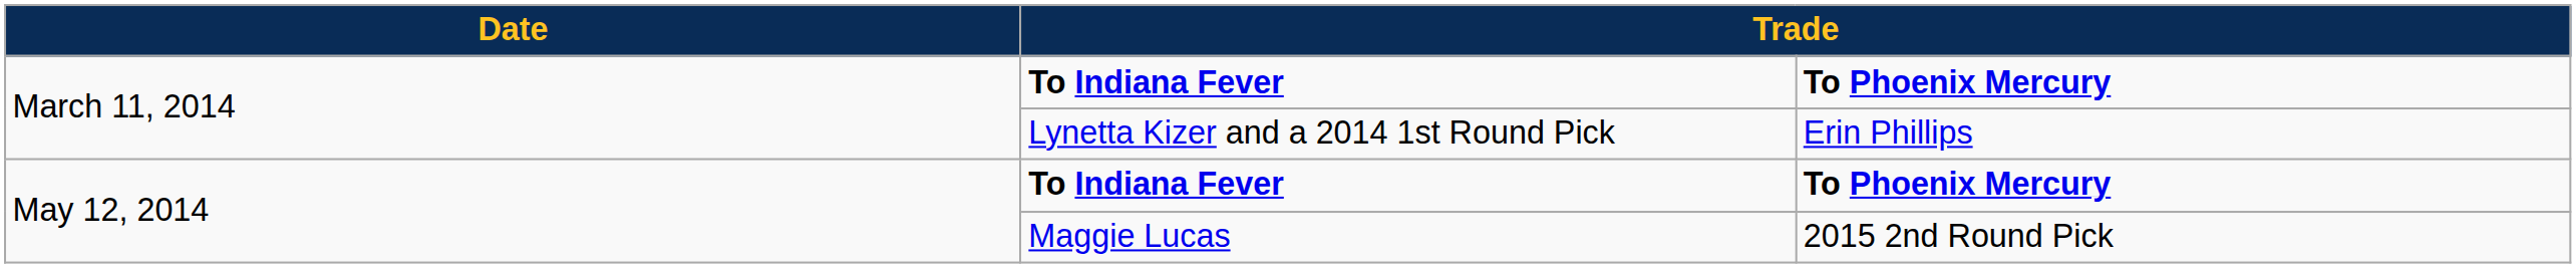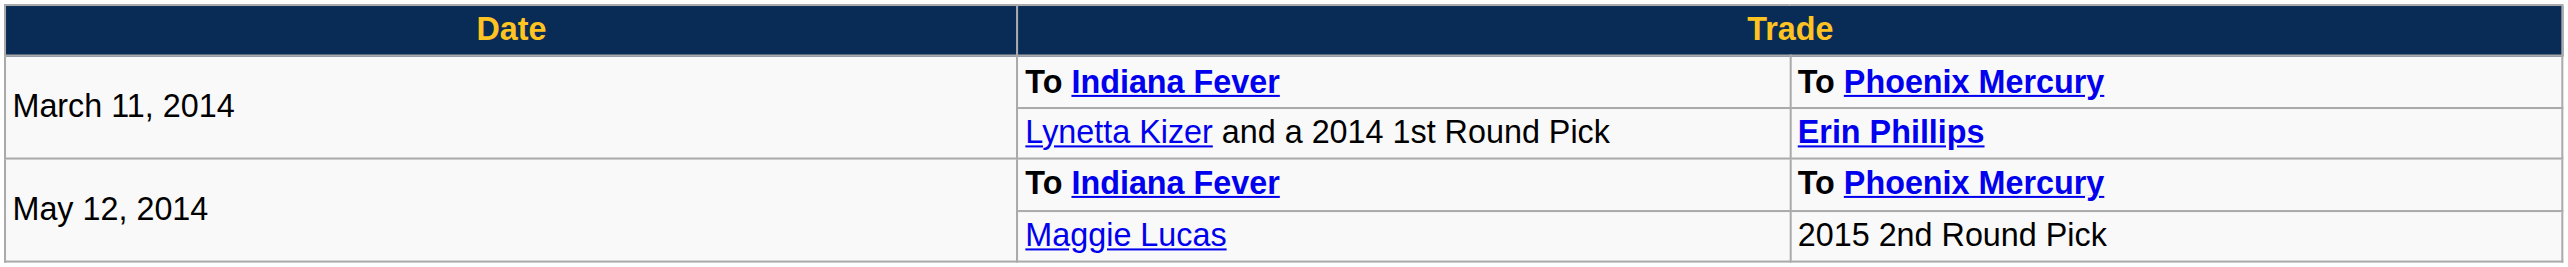 <table class="wikitable" style="width:80%">
 <tr>
 <th style="background:#092C57;color:#FFC322; width=125">Date</th>
 <th style="background:#092C57;color:#FFC322;" colspan=2>Trade</th>
 </tr>
 <tr>
 <td rowspan=2>March 11, 2014</td>
 <td width=375><strong>To <a href='#'>Indiana Fever</a></strong></td>
 <td width=375><strong>To <a href='#'>Phoenix Mercury</a></strong></td>
 </tr>
 <tr>
 <td><a href='#'>Lynetta Kizer</a> and a 2014 1st Round Pick</td>
-<td><a href='#'>Erin Phillips</a></td>
+<td><strong><a href='#'>Erin Phillips</a></strong></td>
 </tr>
 <tr>
 <td rowspan=2>May 12, 2014</td>
 <td width=375><strong>To <a href='#'>Indiana Fever</a></strong></td>
 <td width=375><strong>To <a href='#'>Phoenix Mercury</a></strong></td>
 </tr>
 <tr>
 <td><a href='#'>Maggie Lucas</a></td>
 <td>2015 2nd Round Pick</td>
 </tr>
 </table>
